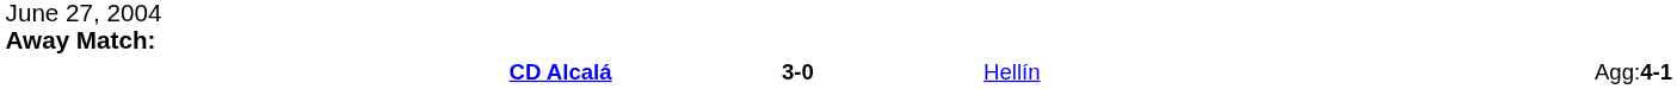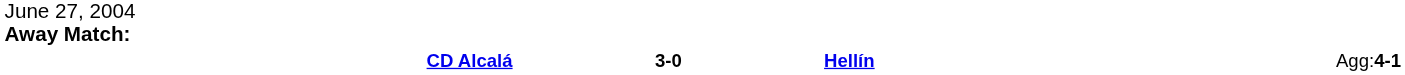 <table width=100% cellspacing=1>
 <tr>
 <th width=20%></th>
 <th width=12%></th>
 <th width=20%></th>
 <th></th>
 </tr>
 <tr>
 <td>June 27, 2004<br><strong>Away Match:</strong></td>
 </tr>
 <tr style=font-size:90%>
 <td align=right><strong><a href='#'>CD Alcalá</a></strong></td>
 <td align=center><strong>3-0</strong></td>
-<td><a href='#'>Hellín</a></td>
+<td><strong><a href='#'>Hellín</a></strong></td>
 <td>Agg:<strong>4-1</strong></td>
 </tr>
 </table>
